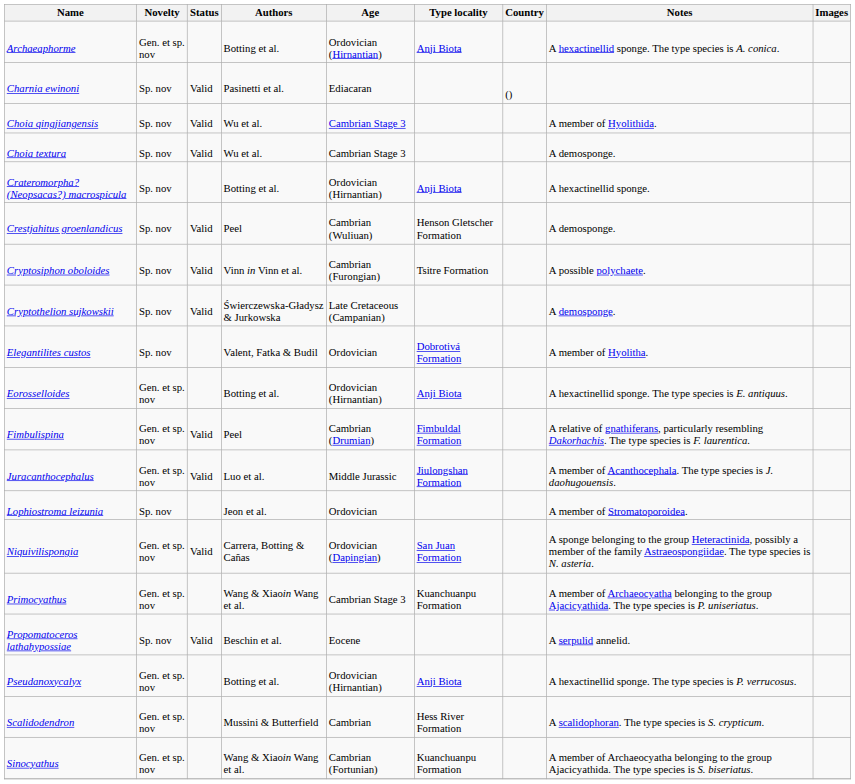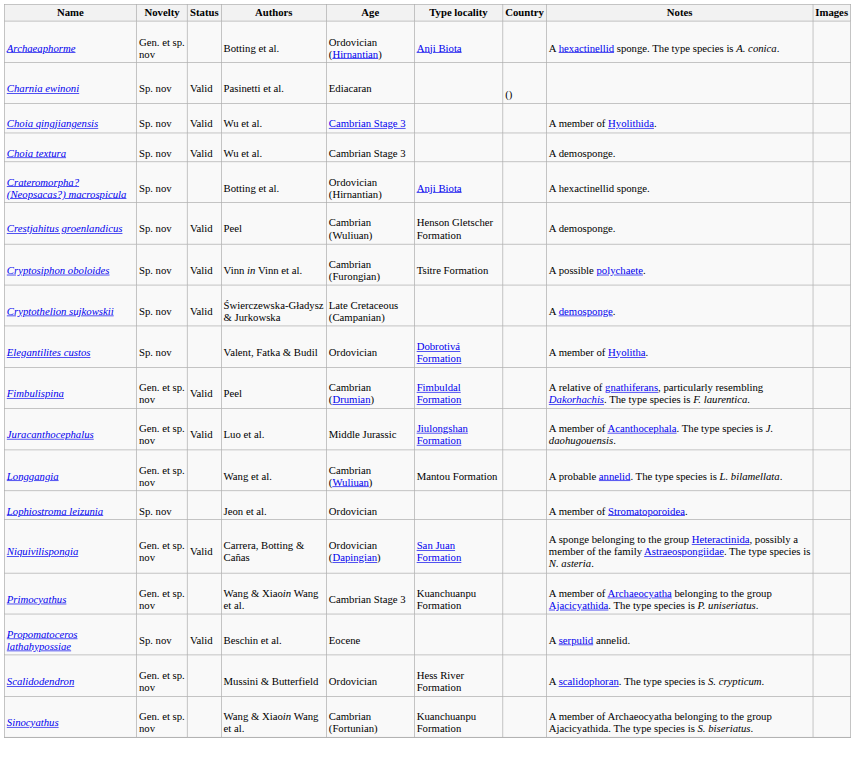 <table class="wikitable sortable" align="center" width="100%">
 <tr>
 <th>Name</th>
 <th>Novelty</th>
 <th>Status</th>
 <th>Authors</th>
 <th>Age</th>
 <th>Type locality</th>
 <th>Country</th>
 <th>Notes</th>
 <th>Images</th>
 </tr>
 <tr>
 <td><br><em><a href='#'>Archaeaphorme</a></em></td>
 <td><br>Gen. et sp. nov</td>
 <td></td>
 <td><br>Botting et al.</td>
 <td><br>Ordovician (<a href='#'>Hirnantian</a>)</td>
 <td><br><a href='#'>Anji Biota</a></td>
 <td><br></td>
 <td><br>A <a href='#'>hexactinellid</a> sponge. The type species is <em>A. conica</em>.</td>
 <td></td>
 </tr>
 <tr>
 <td><br><em><a href='#'>Charnia ewinoni</a></em></td>
 <td><br>Sp. nov</td>
 <td><br>Valid</td>
 <td><br>Pasinetti et al.</td>
 <td><br>Ediacaran</td>
 <td></td>
 <td><br><br>()</td>
 <td></td>
 <td></td>
 </tr>
 <tr>
 <td><br><em><a href='#'>Choia qingjiangensis</a></em></td>
 <td><br>Sp. nov</td>
 <td><br>Valid</td>
 <td><br>Wu et al.</td>
 <td><br><a href='#'>Cambrian Stage 3</a></td>
 <td></td>
 <td><br></td>
 <td><br>A member of <a href='#'>Hyolithida</a>.</td>
 <td></td>
 </tr>
 <tr>
 <td><br><em><a href='#'>Choia textura</a></em></td>
 <td><br>Sp. nov</td>
 <td><br>Valid</td>
 <td><br>Wu et al.</td>
 <td><br>Cambrian Stage 3</td>
 <td></td>
 <td><br></td>
 <td><br>A demosponge.</td>
 <td></td>
 </tr>
 <tr>
 <td><br><em><a href='#'>Crateromorpha? (Neopsacas?) macrospicula</a></em></td>
 <td><br>Sp. nov</td>
 <td></td>
 <td><br>Botting et al.</td>
 <td><br>Ordovician (Hirnantian)</td>
 <td><br><a href='#'>Anji Biota</a></td>
 <td><br></td>
 <td><br>A hexactinellid sponge.</td>
 <td></td>
 </tr>
 <tr>
 <td><br><em><a href='#'>Crestjahitus groenlandicus</a></em></td>
 <td><br>Sp. nov</td>
 <td><br>Valid</td>
 <td><br>Peel</td>
 <td><br>Cambrian (Wuliuan)</td>
 <td><br>Henson Gletscher Formation</td>
 <td><br></td>
 <td><br>A demosponge.</td>
 <td></td>
 </tr>
 <tr>
 <td><br><em><a href='#'>Cryptosiphon oboloides</a></em></td>
 <td><br>Sp. nov</td>
 <td><br>Valid</td>
 <td><br>Vinn <em>in</em> Vinn et al.</td>
 <td><br>Cambrian (Furongian)</td>
 <td><br>Tsitre Formation</td>
 <td><br></td>
 <td><br>A possible <a href='#'>polychaete</a>.</td>
 <td></td>
 </tr>
 <tr>
 <td><br><em><a href='#'>Cryptothelion sujkowskii</a></em></td>
 <td><br>Sp. nov</td>
 <td><br>Valid</td>
 <td><br>Świerczewska-Gładysz & Jurkowska</td>
 <td><br>Late Cretaceous (Campanian)</td>
 <td></td>
 <td><br></td>
 <td><br>A <a href='#'>demosponge</a>.</td>
 <td></td>
 </tr>
 <tr>
 <td><br><em><a href='#'>Elegantilites custos</a></em></td>
 <td><br>Sp. nov</td>
 <td></td>
 <td><br>Valent, Fatka & Budil</td>
 <td><br>Ordovician</td>
 <td><br><a href='#'>Dobrotivá Formation</a></td>
 <td><br></td>
 <td><br>A member of <a href='#'>Hyolitha</a>.</td>
 <td></td>
 </tr>
 <tr>
-<td><br><em><a href='#'>Eorosselloides</a></em></td>
-<td><br>Gen. et sp. nov</td>
-<td></td>
-<td><br>Botting et al.</td>
-<td><br>Ordovician (Hirnantian)</td>
-<td><br><a href='#'>Anji Biota</a></td>
-<td><br></td>
-<td><br>A hexactinellid sponge. The type species is <em>E. antiquus</em>.</td>
-<td></td>
-</tr>
-<tr>
 <td><br><em><a href='#'>Fimbulispina</a></em></td>
 <td><br>Gen. et sp. nov</td>
 <td><br>Valid</td>
 <td><br>Peel</td>
 <td><br>Cambrian (<a href='#'>Drumian</a>)</td>
 <td><br><a href='#'>Fimbuldal Formation</a></td>
 <td><br><br> </td>
 <td><br>A relative of <a href='#'>gnathiferans</a>, particularly resembling <em><a href='#'>Dakorhachis</a></em>. The type species is <em>F. laurentica</em>.</td>
 <td></td>
 </tr>
 <tr>
 <td><br><em><a href='#'>Juracanthocephalus</a></em></td>
 <td><br>Gen. et sp. nov</td>
 <td><br>Valid</td>
 <td><br>Luo et al.</td>
 <td><br>Middle Jurassic</td>
 <td><br><a href='#'>Jiulongshan Formation</a></td>
 <td><br></td>
 <td><br>A member of <a href='#'>Acanthocephala</a>. The type species is <em>J. daohugouensis</em>.</td>
+<td></td>
+</tr>
+<tr>
+<td><br><em><a href='#'>Longgangia</a></em></td>
+<td><br>Gen. et sp. nov</td>
+<td></td>
+<td><br>Wang et al.</td>
+<td><br>Cambrian (<a href='#'>Wuliuan</a>)</td>
+<td><br>Mantou Formation</td>
+<td><br></td>
+<td><br>A probable <a href='#'>annelid</a>. The type species is <em>L. bilamellata</em>.</td>
 <td></td>
 </tr>
 <tr>
 <td><br><em><a href='#'>Lophiostroma leizunia</a></em></td>
 <td><br>Sp. nov</td>
 <td></td>
 <td><br>Jeon et al.</td>
 <td><br>Ordovician</td>
 <td></td>
 <td><br></td>
 <td><br>A member of <a href='#'>Stromatoporoidea</a>.</td>
 <td></td>
 </tr>
 <tr>
 <td><br><em><a href='#'>Niquivilispongia</a></em></td>
 <td><br>Gen. et sp. nov</td>
 <td><br>Valid</td>
 <td><br>Carrera, Botting & Cañas</td>
 <td><br>Ordovician (<a href='#'>Dapingian</a>)</td>
 <td><br><a href='#'>San Juan Formation</a></td>
 <td><br></td>
 <td><br>A sponge belonging to the group <a href='#'>Heteractinida</a>, possibly a member of the family <a href='#'>Astraeospongiidae</a>. The type species is <em>N. asteria</em>.</td>
 <td></td>
 </tr>
 <tr>
 <td><br><em><a href='#'>Primocyathus</a></em></td>
 <td><br>Gen. et sp. nov</td>
 <td></td>
 <td><br>Wang & Xiao<em>in</em> Wang et al.</td>
 <td><br>Cambrian Stage 3</td>
 <td><br>Kuanchuanpu Formation</td>
 <td><br></td>
 <td><br>A member of <a href='#'>Archaeocyatha</a> belonging to the group <a href='#'>Ajacicyathida</a>. The type species is <em>P. uniseriatus</em>.</td>
 <td></td>
 </tr>
 <tr>
 <td><br><em><a href='#'>Propomatoceros lathahypossiae</a></em></td>
 <td><br>Sp. nov</td>
 <td><br>Valid</td>
 <td><br>Beschin et al.</td>
 <td><br>Eocene</td>
 <td></td>
 <td><br></td>
 <td><br>A <a href='#'>serpulid</a> annelid.</td>
 <td></td>
 </tr>
 <tr>
-<td><br><em><a href='#'>Pseudanoxycalyx</a></em></td>
-<td><br>Gen. et sp. nov</td>
-<td></td>
-<td><br>Botting et al.</td>
-<td><br>Ordovician (Hirnantian)</td>
-<td><br><a href='#'>Anji Biota</a></td>
-<td><br></td>
-<td><br>A hexactinellid sponge. The type species is <em>P. verrucosus</em>.</td>
-<td></td>
-</tr>
-<tr>
 <td><br><em><a href='#'>Scalidodendron</a></em></td>
 <td><br>Gen. et sp. nov</td>
 <td></td>
 <td><br>Mussini & Butterfield</td>
-<td><br>Cambrian</td>
+<td><br>Ordovician</td>
 <td><br>Hess River Formation</td>
 <td><br><br></td>
 <td><br>A <a href='#'>scalidophoran</a>. The type species is <em>S. crypticum</em>.</td>
 <td></td>
 </tr>
 <tr>
 <td><br><em><a href='#'>Sinocyathus</a></em></td>
 <td><br>Gen. et sp. nov</td>
 <td></td>
 <td><br>Wang & Xiao<em>in</em> Wang et al.</td>
 <td><br>Cambrian (Fortunian)</td>
 <td><br>Kuanchuanpu Formation</td>
 <td><br></td>
 <td><br>A member of Archaeocyatha belonging to the group Ajacicyathida. The type species is <em>S. biseriatus</em>.</td>
 <td></td>
 </tr>
 <tr>
 </tr>
 </table>
